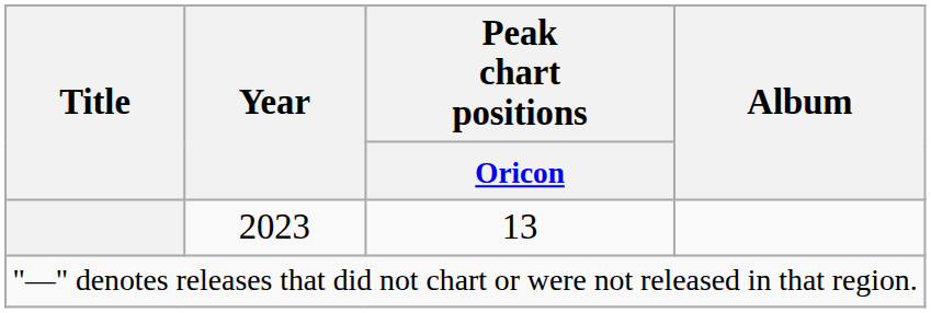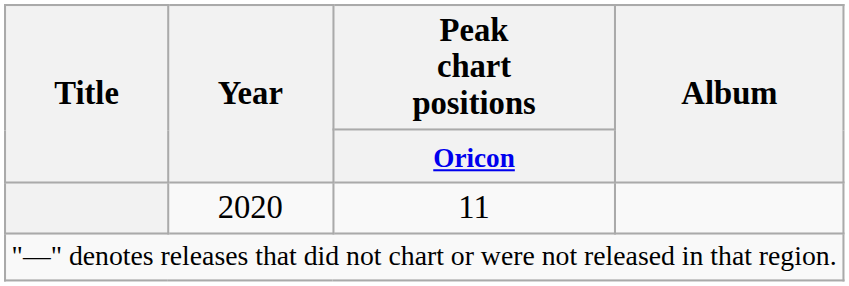 <table class="wikitable plainrowheaders" style="text-align:center;">
 <tr>
 <th scope="col" rowspan="2">Title</th>
 <th scope="col" rowspan="2">Year</th>
 <th scope="col" colspan="1">Peak <br> chart <br> positions</th>
 <th scope="col" rowspan="2">Album</th>
 </tr>
 <tr>
 <th scope="col" colspan="1"><small><a href='#'>Oricon</a></small></th>
 </tr>
 <tr>
 <th scope="row"></th>
-<td>2023</td>
-<td>13</td>
+<td>2020</td>
+<td>11</td>
 <td></td>
 </tr>
 <tr>
 <td colspan="4" style="font-size:85%">"—" denotes releases that did not chart or were not released in that region.</td>
 </tr>
 </table>
